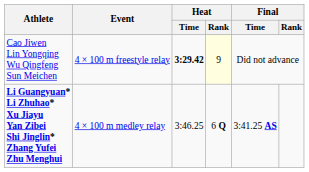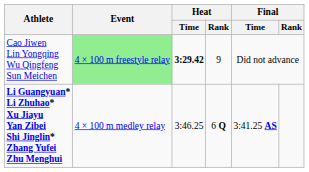 <table class=wikitable style="font-size:90%">
 <tr>
 <th rowspan="2">Athlete</th>
 <th rowspan="2">Event</th>
 <th colspan="2">Heat</th>
 <th colspan="2">Final</th>
 </tr>
 <tr style="font-size:95%">
 <th>Time</th>
 <th>Rank</th>
 <th>Time</th>
 <th>Rank</th>
 </tr>
 <tr align=center>
 <td align=left><a href='#'>Cao Jiwen</a><br><a href='#'>Lin Yongqing</a><br><a href='#'>Wu Qingfeng</a><br><a href='#'>Sun Meichen</a></td>
-<td align=left><a href='#'>4 × 100 m freestyle relay</a></td>
+<td align=left style="background: lightgreen;"><a href='#'>4 × 100 m freestyle relay</a></td>
 <td><strong>3:29.42</strong></td>
-<td style="background: lightyellow;">9</td>
+<td>9</td>
 <td colspan=2>Did not advance</td>
 </tr>
 <tr align=center>
 <td align=left><strong><a href='#'>Li Guangyuan</a>*<br><a href='#'>Li Zhuhao</a>*<br><a href='#'>Xu Jiayu</a><br><a href='#'>Yan Zibei</a><br><a href='#'>Shi Jinglin</a>*<br><a href='#'>Zhang Yufei</a><br><a href='#'>Zhu Menghui</a></strong></td>
 <td align=left><a href='#'>4 × 100 m medley relay</a></td>
 <td>3:46.25</td>
 <td>6 <strong>Q</strong></td>
 <td>3:41.25 <strong><a href='#'>AS</a></strong></td>
 <td></td>
 </tr>
 </table>
